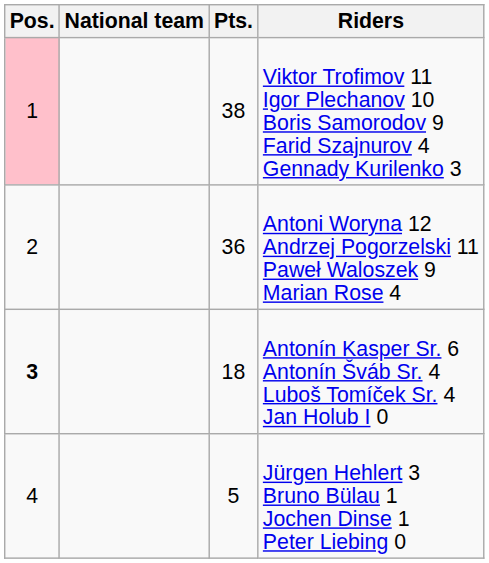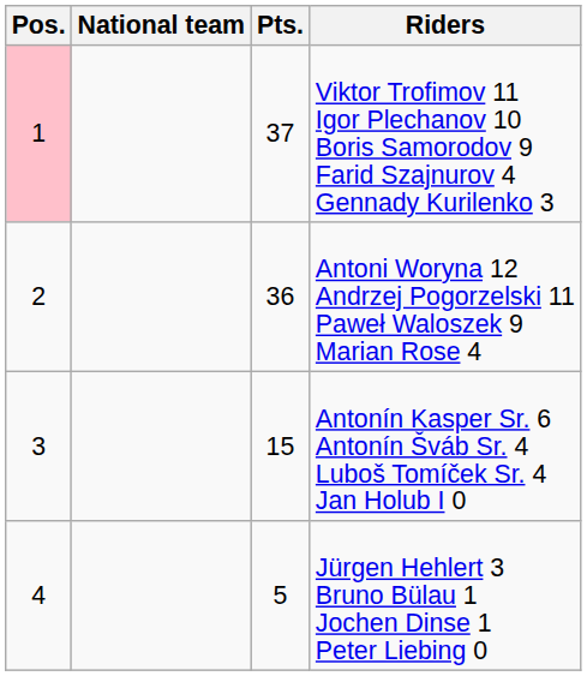 <table class=wikitable style="font-size:93%;">
 <tr>
 <th>Pos.</th>
 <th>National team</th>
 <th>Pts.</th>
 <th>Riders</th>
 </tr>
 <tr align=center >
 <td style="background: pink;">1</td>
 <td style="text-align:left"></td>
-<td>38</td>
+<td>37</td>
 <td style="text-align:left"><br><a href='#'>Viktor Trofimov</a> 11<br> <a href='#'>Igor Plechanov</a> 10<br> <a href='#'>Boris Samorodov</a> 9<br> <a href='#'>Farid Szajnurov</a> 4 <br> <a href='#'>Gennady Kurilenko</a> 3</td>
 </tr>
 <tr align=center >
 <td>2</td>
 <td style="text-align:left"></td>
 <td>36</td>
 <td style="text-align:left"><br><a href='#'>Antoni Woryna</a> 12<br> <a href='#'>Andrzej Pogorzelski</a> 11<br> <a href='#'>Paweł Waloszek</a> 9<br> <a href='#'>Marian Rose</a> 4</td>
 </tr>
 <tr style="text-align:center">
-<td><strong>3</strong></td>
+<td>3</td>
 <td style="text-align:left"></td>
-<td>18</td>
+<td>15</td>
 <td style="text-align:left"><br><a href='#'>Antonín Kasper Sr.</a> 6<br> <a href='#'>Antonín Šváb Sr.</a> 4<br> <a href='#'>Luboš Tomíček Sr.</a> 4<br> <a href='#'>Jan Holub I</a> 0</td>
 </tr>
 <tr style="text-align:center">
 <td>4</td>
 <td style="text-align:left"></td>
 <td>5</td>
 <td style="text-align:left"><br><a href='#'>Jürgen Hehlert</a> 3<br> <a href='#'>Bruno Bülau</a> 1<br> <a href='#'>Jochen Dinse</a> 1<br> <a href='#'>Peter Liebing</a> 0</td>
 </tr>
 </table>
